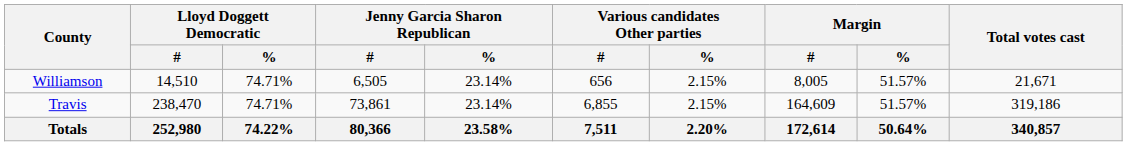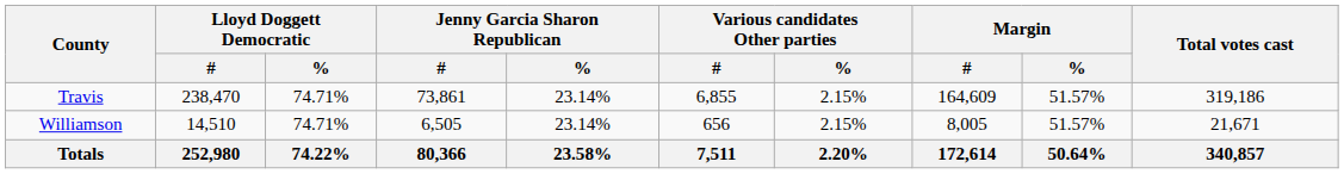 <table width="60%"  class="wikitable sortable" style="text-align:center">
 <tr>
 <th rowspan="2">County</th>
 <th style="text-align:center;" colspan="2">Lloyd Doggett<br>Democratic</th>
 <th style="text-align:center;" colspan="2">Jenny Garcia Sharon<br>Republican</th>
 <th style="text-align:center;" colspan="2">Various candidates<br>Other parties</th>
 <th style="text-align:center;" colspan="2">Margin</th>
 <th rowspan="2" style="text-align:center;">Total votes cast</th>
 </tr>
 <tr>
 <th style="text-align:center;" data-sort-type="number">#</th>
 <th style="text-align:center;" data-sort-type="number">%</th>
 <th style="text-align:center;" data-sort-type="number">#</th>
 <th style="text-align:center;" data-sort-type="number">%</th>
 <th style="text-align:center;" data-sort-type="number">#</th>
 <th style="text-align:center;" data-sort-type="number">%</th>
 <th style="text-align:center;" data-sort-type="number">#</th>
 <th style="text-align:center;" data-sort-type="number">%</th>
 </tr>
 <tr style="text-align:center;">
+<td style="color:black;background-color:"><a href='#'>Travis</a></td>
+<td style="color:black;background-color:">238,470</td>
+<td style="color:black;background-color:">74.71%</td>
+<td style="background-color:">73,861</td>
+<td style="background-color:">23.14%</td>
+<td style="background-color:">6,855</td>
+<td style="background-color:">2.15%</td>
+<td style="color:black;background-color:">164,609</td>
+<td style="color:black;background-color:">51.57%</td>
+<td style="color:black;background-color:">319,186</td>
+</tr>
+<tr style="text-align:center;">
 <td style="color:black;background-color:"><a href='#'>Williamson</a></td>
 <td style="color:black;background-color:">14,510</td>
 <td style="color:black;background-color:">74.71%</td>
 <td style="background-color:">6,505</td>
 <td style="background-color:">23.14%</td>
 <td style="background-color:">656</td>
 <td style="background-color:">2.15%</td>
 <td style="color:black;background-color:">8,005</td>
 <td style="color:black;background-color:">51.57%</td>
 <td style="color:black;background-color:">21,671</td>
-</tr>
-<tr style="text-align:center;">
-<td style="color:black;background-color:"><a href='#'>Travis</a></td>
-<td style="color:black;background-color:">238,470</td>
-<td style="color:black;background-color:">74.71%</td>
-<td style="background-color:">73,861</td>
-<td style="background-color:">23.14%</td>
-<td style="background-color:">6,855</td>
-<td style="background-color:">2.15%</td>
-<td style="color:black;background-color:">164,609</td>
-<td style="color:black;background-color:">51.57%</td>
-<td style="color:black;background-color:">319,186</td>
 </tr>
 <tr style="text-align:center;">
 <th>Totals</th>
 <th>252,980</th>
 <th>74.22%</th>
 <th>80,366</th>
 <th>23.58%</th>
 <th>7,511</th>
 <th>2.20%</th>
 <th>172,614</th>
 <th>50.64%</th>
 <th>340,857</th>
 </tr>
 </table>
